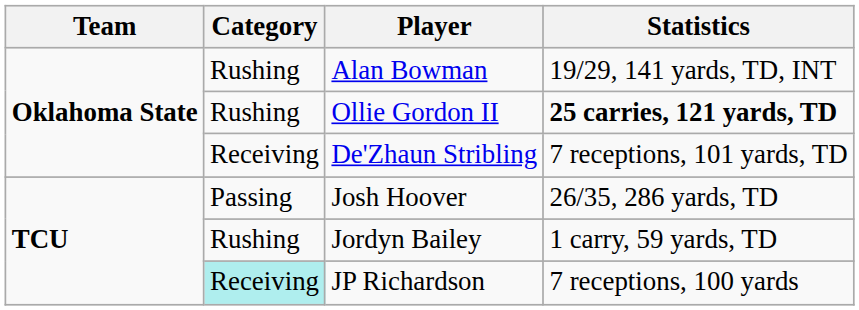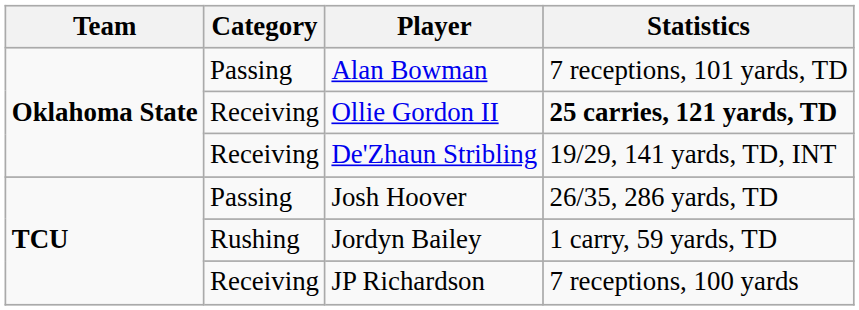 <table class="wikitable" style="float: right;">
 <tr>
 <th>Team</th>
 <th>Category</th>
 <th>Player</th>
 <th>Statistics</th>
 </tr>
 <tr>
 <td rowspan=3><strong>Oklahoma State</strong></td>
-<td>Rushing</td>
+<td>Passing</td>
 <td><a href='#'>Alan Bowman</a></td>
-<td>19/29, 141 yards, TD, INT</td>
+<td>7 receptions, 101 yards, TD</td>
 </tr>
 <tr>
-<td>Rushing</td>
+<td>Receiving</td>
 <td><a href='#'>Ollie Gordon II</a></td>
 <td><strong>25 carries, 121 yards, TD</strong></td>
 </tr>
 <tr>
 <td>Receiving</td>
 <td><a href='#'>De'Zhaun Stribling</a></td>
-<td>7 receptions, 101 yards, TD</td>
+<td>19/29, 141 yards, TD, INT</td>
 </tr>
 <tr>
 <td rowspan=3><strong>TCU</strong></td>
 <td>Passing</td>
 <td>Josh Hoover</td>
 <td>26/35, 286 yards, TD</td>
 </tr>
 <tr>
 <td>Rushing</td>
 <td>Jordyn Bailey</td>
 <td>1 carry, 59 yards, TD</td>
 </tr>
 <tr>
-<td style="background: paleturquoise;">Receiving</td>
+<td>Receiving</td>
 <td>JP Richardson</td>
 <td>7 receptions, 100 yards</td>
 </tr>
 </table>
